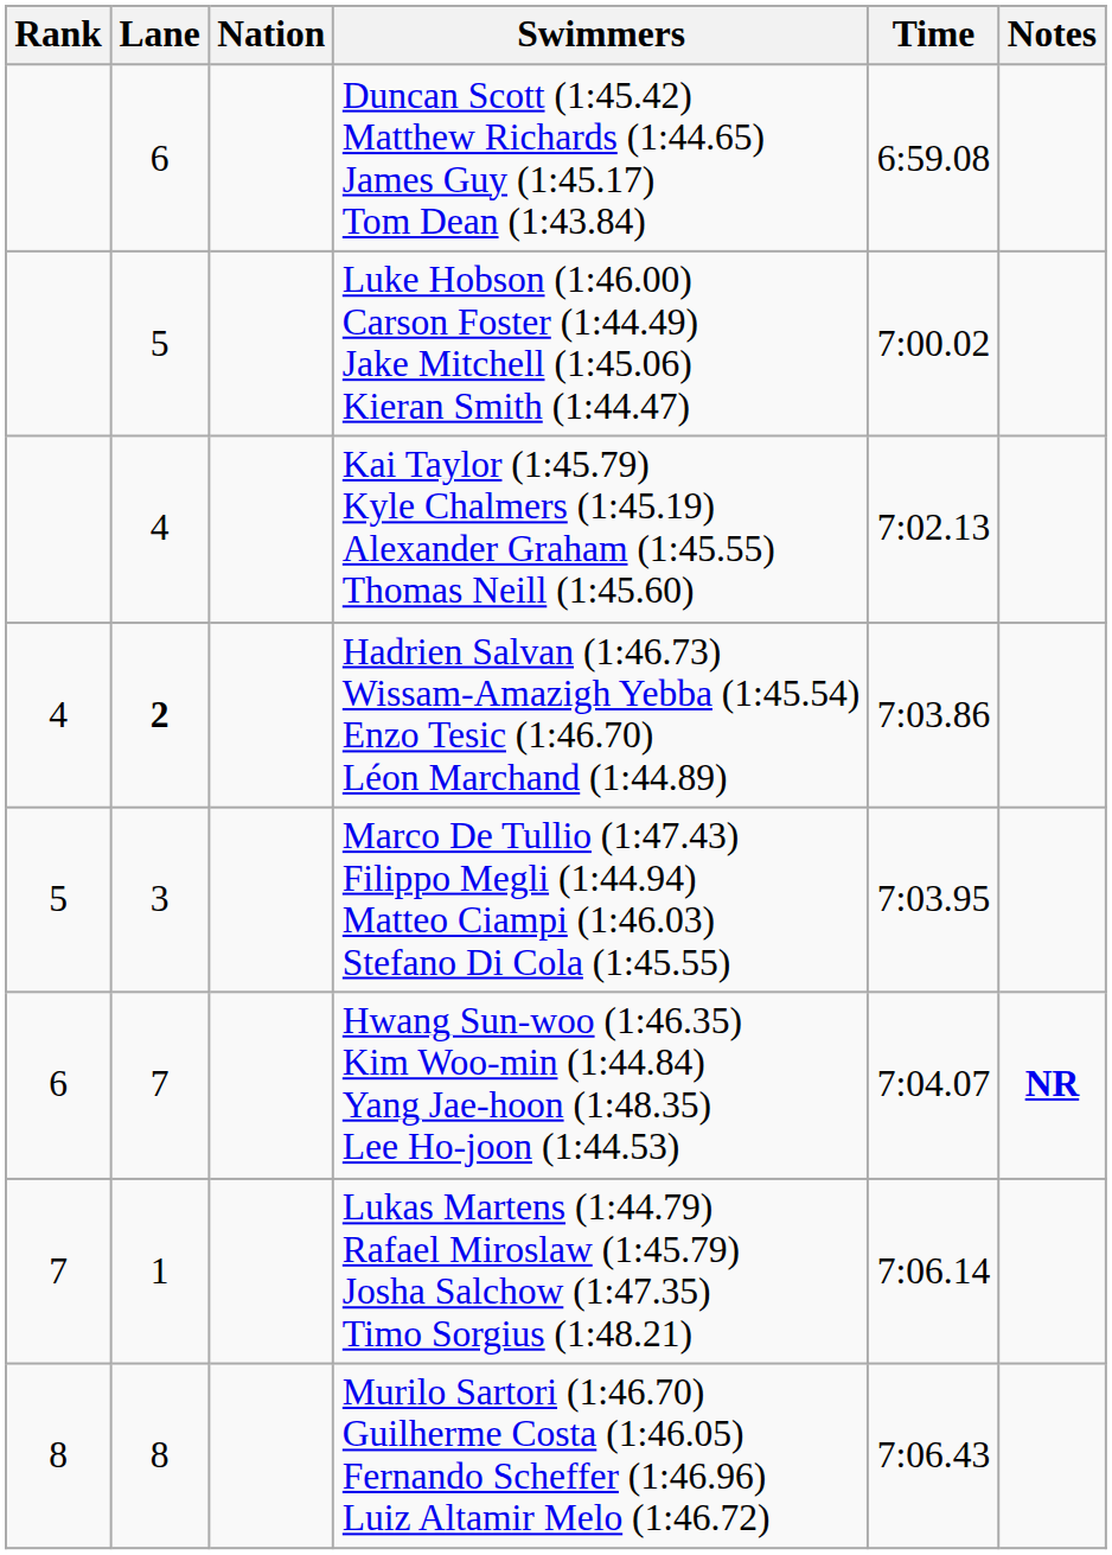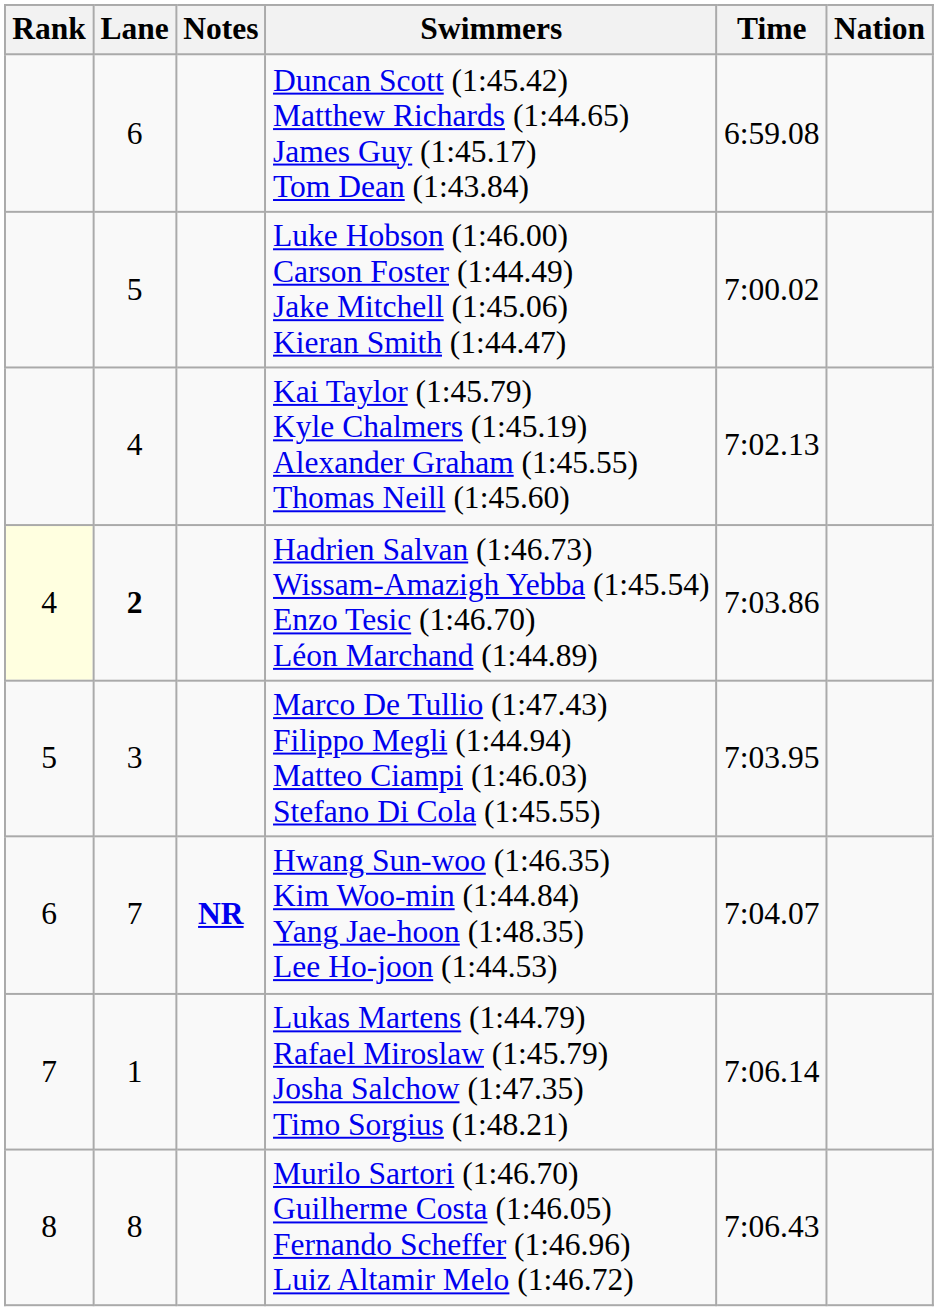 <table class="wikitable sortable" style="text-align:center">
 <tr>
 <th>Rank</th>
 <th>Lane</th>
-<th>Nation</th>
+<th>Notes</th>
 <th>Swimmers</th>
 <th>Time</th>
-<th>Notes</th>
+<th>Nation</th>
 </tr>
 <tr>
 <td></td>
 <td>6</td>
-<td align=left></td>
+<td></td>
 <td align=left><a href='#'>Duncan Scott</a> (1:45.42)<br><a href='#'>Matthew Richards</a> (1:44.65)<br><a href='#'>James Guy</a> (1:45.17)<br><a href='#'>Tom Dean</a> (1:43.84)</td>
 <td>6:59.08</td>
-<td></td>
+<td align=left></td>
 </tr>
 <tr>
 <td></td>
 <td>5</td>
-<td align=left></td>
+<td></td>
 <td align=left><a href='#'>Luke Hobson</a> (1:46.00)<br><a href='#'>Carson Foster</a> (1:44.49)<br><a href='#'>Jake Mitchell</a> (1:45.06)<br><a href='#'>Kieran Smith</a> (1:44.47)</td>
 <td>7:00.02</td>
-<td></td>
+<td align=left></td>
 </tr>
 <tr>
 <td></td>
 <td>4</td>
-<td align=left></td>
+<td></td>
 <td align=left><a href='#'>Kai Taylor</a> (1:45.79)<br><a href='#'>Kyle Chalmers</a> (1:45.19)<br><a href='#'>Alexander Graham</a> (1:45.55)<br><a href='#'>Thomas Neill</a> (1:45.60)</td>
 <td>7:02.13</td>
-<td></td>
+<td align=left></td>
 </tr>
 <tr>
-<td>4</td>
+<td style="background: lightyellow;">4</td>
 <td><strong>2</strong></td>
-<td align=left></td>
+<td></td>
 <td align=left><a href='#'>Hadrien Salvan</a> (1:46.73)<br><a href='#'>Wissam-Amazigh Yebba</a> (1:45.54)<br><a href='#'>Enzo Tesic</a> (1:46.70)<br><a href='#'>Léon Marchand</a> (1:44.89)</td>
 <td>7:03.86</td>
-<td></td>
+<td align=left></td>
 </tr>
 <tr>
 <td>5</td>
 <td>3</td>
-<td align=left></td>
+<td></td>
 <td align=left><a href='#'>Marco De Tullio</a> (1:47.43)<br><a href='#'>Filippo Megli</a> (1:44.94)<br><a href='#'>Matteo Ciampi</a> (1:46.03)<br><a href='#'>Stefano Di Cola</a> (1:45.55)</td>
 <td>7:03.95</td>
-<td></td>
+<td align=left></td>
 </tr>
 <tr>
 <td>6</td>
 <td>7</td>
-<td align=left></td>
+<td><strong><a href='#'>NR</a></strong></td>
 <td align=left><a href='#'>Hwang Sun-woo</a> (1:46.35)<br><a href='#'>Kim Woo-min</a> (1:44.84)<br><a href='#'>Yang Jae-hoon</a> (1:48.35)<br><a href='#'>Lee Ho-joon</a> (1:44.53)</td>
 <td>7:04.07</td>
-<td><strong><a href='#'>NR</a></strong></td>
+<td align=left></td>
 </tr>
 <tr>
 <td>7</td>
 <td>1</td>
-<td align=left></td>
+<td></td>
 <td align=left><a href='#'>Lukas Martens</a> (1:44.79)<br><a href='#'>Rafael Miroslaw</a> (1:45.79)<br><a href='#'>Josha Salchow</a> (1:47.35)<br><a href='#'>Timo Sorgius</a> (1:48.21)</td>
 <td>7:06.14</td>
-<td></td>
+<td align=left></td>
 </tr>
 <tr>
 <td>8</td>
 <td>8</td>
-<td align=left></td>
+<td></td>
 <td align=left><a href='#'>Murilo Sartori</a> (1:46.70)<br><a href='#'>Guilherme Costa</a> (1:46.05)<br><a href='#'>Fernando Scheffer</a> (1:46.96)<br><a href='#'>Luiz Altamir Melo</a> (1:46.72)</td>
 <td>7:06.43</td>
-<td></td>
+<td align=left></td>
 </tr>
 </table>
